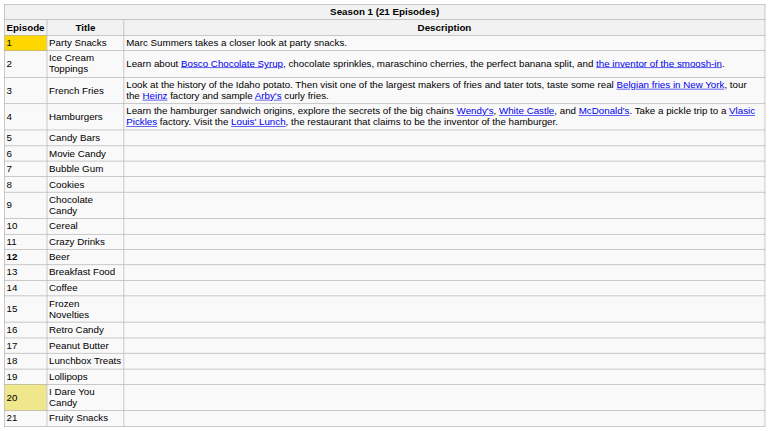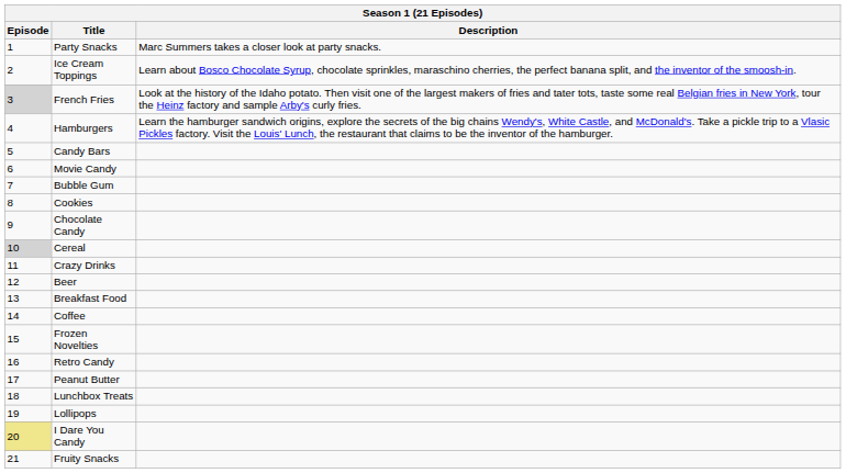 <table class="wikitable">
 <tr>
 <th colspan="3">Season 1 (21 Episodes)</th>
 </tr>
 <tr>
 <th>Episode</th>
 <th>Title</th>
 <th>Description</th>
 </tr>
 <tr>
-<td style="background: gold;">1</td>
+<td>1</td>
 <td>Party Snacks</td>
 <td>Marc Summers takes a closer look at party snacks.</td>
 </tr>
 <tr>
 <td>2</td>
 <td>Ice Cream Toppings</td>
 <td>Learn about <a href='#'>Bosco Chocolate Syrup</a>, chocolate sprinkles, maraschino cherries, the perfect banana split, and <a href='#'>the inventor of the smoosh-in</a>.</td>
 </tr>
 <tr>
-<td>3</td>
+<td style="background: lightgrey;">3</td>
 <td>French Fries</td>
 <td>Look at the history of the Idaho potato. Then visit one of the largest makers of fries and tater tots, taste some real <a href='#'>Belgian fries in New York</a>, tour the <a href='#'>Heinz</a> factory and sample <a href='#'>Arby's</a> curly fries.</td>
 </tr>
 <tr>
 <td>4</td>
 <td>Hamburgers</td>
 <td>Learn the hamburger sandwich origins, explore the secrets of the big chains <a href='#'>Wendy's</a>, <a href='#'>White Castle</a>, and <a href='#'>McDonald's</a>. Take a pickle trip to a <a href='#'>Vlasic Pickles</a> factory. Visit the <a href='#'>Louis' Lunch</a>, the restaurant that claims to be the inventor of the hamburger.</td>
 </tr>
 <tr>
 <td>5</td>
 <td>Candy Bars</td>
 <td></td>
 </tr>
 <tr>
 <td>6</td>
 <td>Movie Candy</td>
 <td></td>
 </tr>
 <tr>
 <td>7</td>
 <td>Bubble Gum</td>
 <td></td>
 </tr>
 <tr>
 <td>8</td>
 <td>Cookies</td>
 <td></td>
 </tr>
 <tr>
 <td>9</td>
 <td>Chocolate Candy</td>
 <td></td>
 </tr>
 <tr>
-<td>10</td>
+<td style="background: lightgrey;">10</td>
 <td>Cereal</td>
 <td></td>
 </tr>
 <tr>
 <td>11</td>
 <td>Crazy Drinks</td>
 <td></td>
 </tr>
 <tr>
-<td><strong>12</strong></td>
+<td>12</td>
 <td>Beer</td>
 <td></td>
 </tr>
 <tr>
 <td>13</td>
 <td>Breakfast Food</td>
 <td></td>
 </tr>
 <tr>
 <td>14</td>
 <td>Coffee</td>
 <td></td>
 </tr>
 <tr>
 <td>15</td>
 <td>Frozen Novelties</td>
 <td></td>
 </tr>
 <tr>
 <td>16</td>
 <td>Retro Candy</td>
 <td></td>
 </tr>
 <tr>
 <td>17</td>
 <td>Peanut Butter</td>
 <td></td>
 </tr>
 <tr>
 <td>18</td>
 <td>Lunchbox Treats</td>
 <td></td>
 </tr>
 <tr>
 <td>19</td>
 <td>Lollipops</td>
 <td></td>
 </tr>
 <tr>
 <td style="background: khaki;">20</td>
 <td>I Dare You Candy</td>
 <td></td>
 </tr>
 <tr>
 <td>21</td>
 <td>Fruity Snacks</td>
 <td></td>
 </tr>
 </table>
